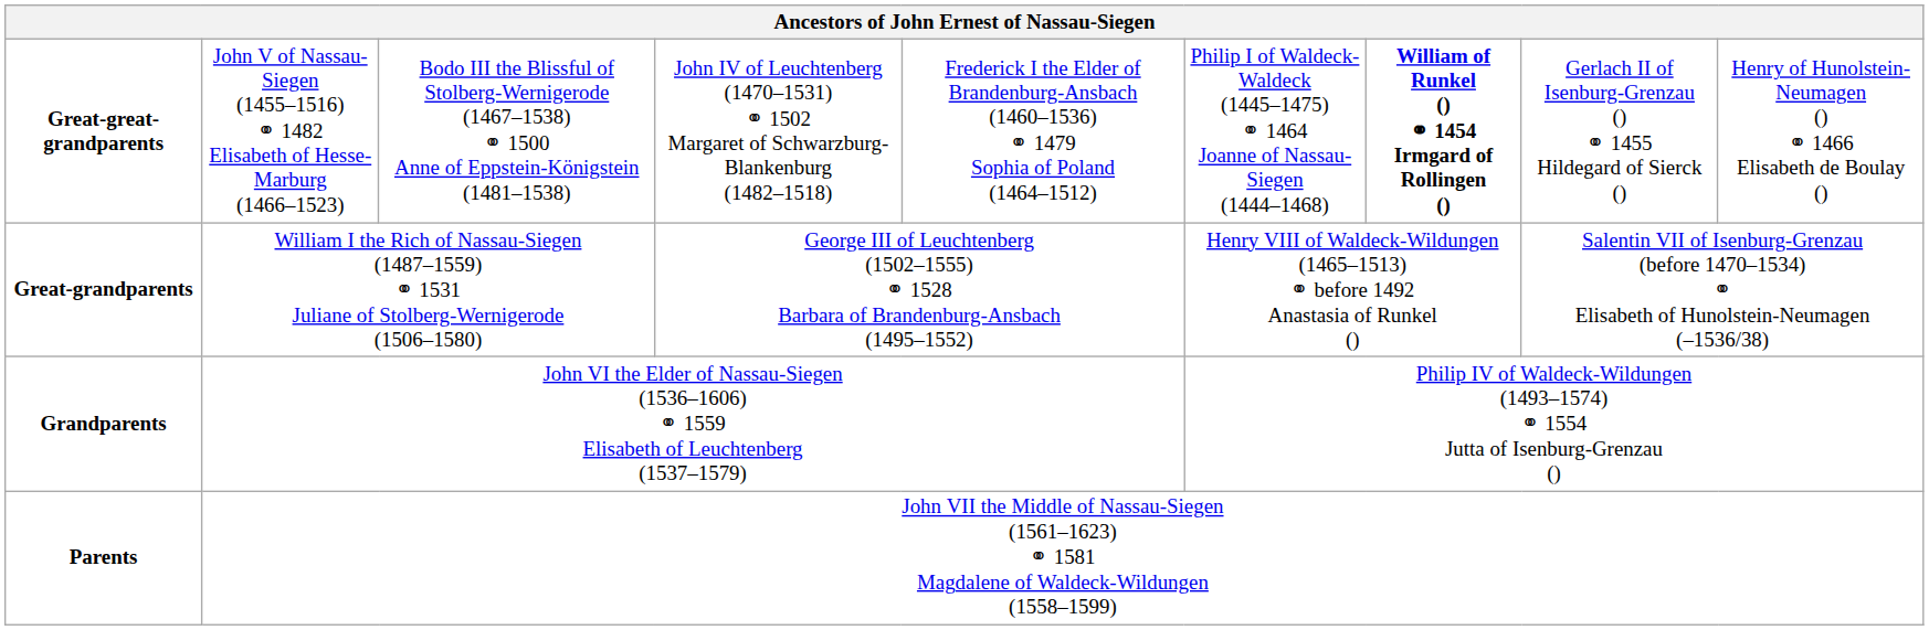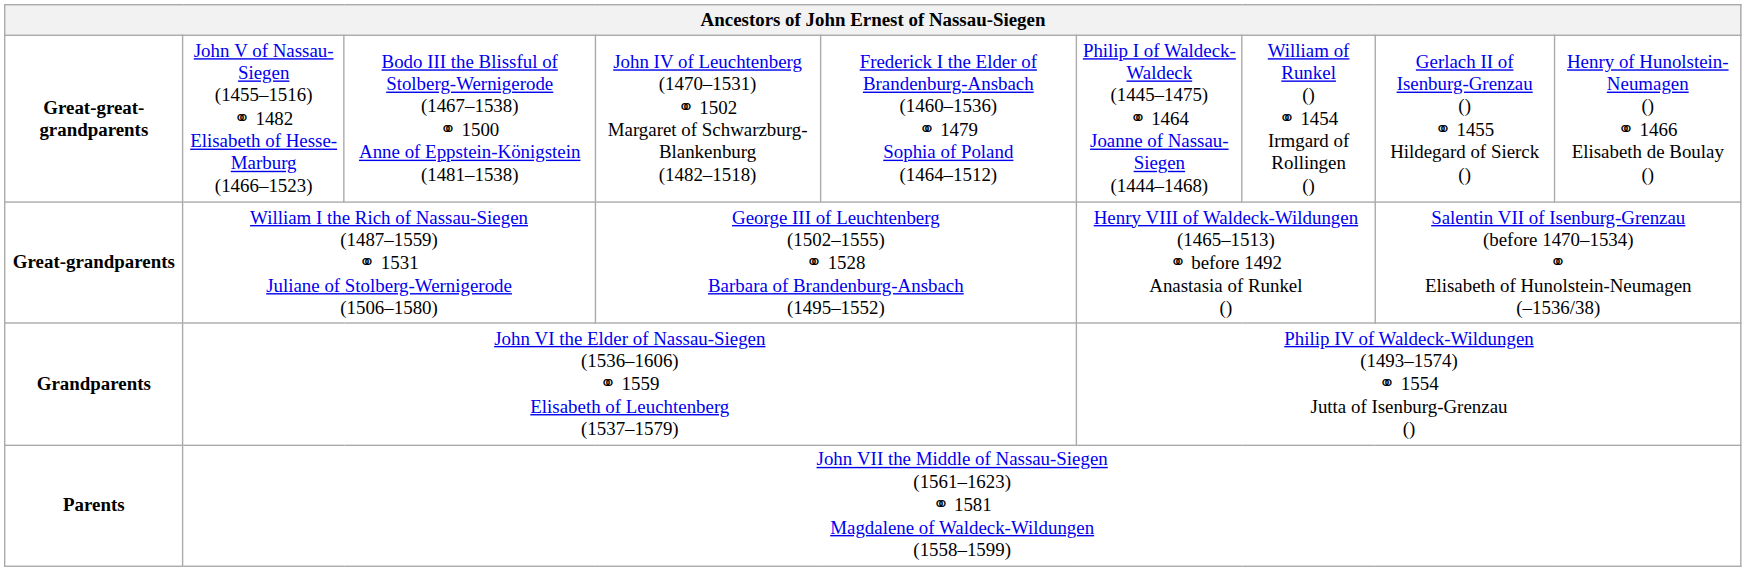 <table class="wikitable" style="background:#FFFFFF; font-size:85%; text-align:center">
 <tr bgcolor="#E0E0E0">
 <th colspan="9">Ancestors of John Ernest of Nassau-Siegen</th>
 </tr>
 <tr>
 <td><strong>Great-great-grandparents</strong></td>
 <td colspan="1"><a href='#'>John V of Nassau-Siegen</a><br>(1455–1516)<br>⚭ 1482<br><a href='#'>Elisabeth of Hesse-Marburg</a><br>(1466–1523)</td>
 <td colspan="1"><a href='#'>Bodo III the Blissful of Stolberg-Wernigerode</a><br>(1467–1538)<br>⚭ 1500<br><a href='#'>Anne of Eppstein-Königstein</a><br>(1481–1538)</td>
 <td colspan="1"><a href='#'>John IV of Leuchtenberg</a><br>(1470–1531)<br>⚭ 1502<br>Margaret of Schwarzburg-Blankenburg<br>(1482–1518)</td>
 <td colspan="1"><a href='#'>Frederick I the Elder of Brandenburg-Ansbach</a><br>(1460–1536)<br>⚭ 1479<br><a href='#'>Sophia of Poland</a><br>(1464–1512)</td>
 <td colspan="1"><a href='#'>Philip I of Waldeck-Waldeck</a><br>(1445–1475)<br>⚭ 1464<br><a href='#'>Joanne of Nassau-Siegen</a><br>(1444–1468)</td>
-<td colspan="1"><strong><a href='#'>William of Runkel</a><br>()<br>⚭ 1454<br>Irmgard of Rollingen<br>()</strong></td>
+<td colspan="1"><a href='#'>William of Runkel</a><br>()<br>⚭ 1454<br>Irmgard of Rollingen<br>()</td>
 <td colspan="1"><a href='#'>Gerlach II of Isenburg-Grenzau</a><br>()<br>⚭ 1455<br>Hildegard of Sierck<br>()</td>
 <td colspan="1"><a href='#'>Henry of Hunolstein-Neumagen</a><br>()<br>⚭ 1466<br>Elisabeth de Boulay<br>()</td>
 </tr>
 <tr>
 <td><strong>Great-grandparents</strong></td>
 <td colspan="2"><a href='#'>William I the Rich of Nassau-Siegen</a><br>(1487–1559)<br>⚭ 1531<br><a href='#'>Juliane of Stolberg-Wernigerode</a><br>(1506–1580)</td>
 <td colspan="2"><a href='#'>George III of Leuchtenberg</a><br>(1502–1555)<br>⚭ 1528<br><a href='#'>Barbara of Brandenburg-Ansbach</a><br>(1495–1552)</td>
 <td colspan="2"><a href='#'>Henry VIII of Waldeck-Wildungen</a><br>(1465–1513)<br>⚭ before 1492<br>Anastasia of Runkel<br>()</td>
 <td colspan="2"><a href='#'>Salentin VII of Isenburg-Grenzau</a><br>(before 1470–1534)<br>⚭<br>Elisabeth of Hunolstein-Neumagen<br>(–1536/38)</td>
 </tr>
 <tr>
 <td><strong>Grandparents</strong></td>
 <td colspan="4"><a href='#'>John VI the Elder of Nassau-Siegen</a><br>(1536–1606)<br>⚭ 1559<br><a href='#'>Elisabeth of Leuchtenberg</a><br>(1537–1579)</td>
 <td colspan="4"><a href='#'>Philip IV of Waldeck-Wildungen</a><br>(1493–1574)<br>⚭ 1554<br>Jutta of Isenburg-Grenzau<br>()</td>
 </tr>
 <tr>
 <td><strong>Parents</strong></td>
 <td colspan="8"><a href='#'>John VII the Middle of Nassau-Siegen</a><br>(1561–1623)<br>⚭ 1581<br><a href='#'>Magdalene of Waldeck-Wildungen</a><br>(1558–1599)</td>
 </tr>
 </table>
